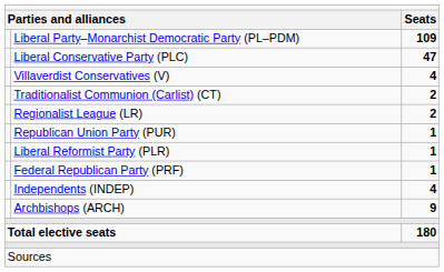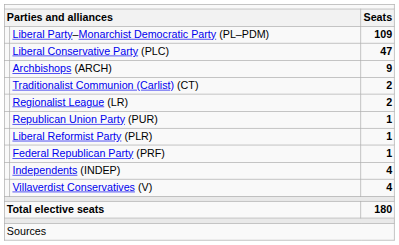 <table class="wikitable" style="text-align:right;">
 <tr>
 <td colspan="3"></td>
 </tr>
 <tr>
 <th style="text-align:left;" colspan="2" width="525">Parties and alliances</th>
 <th width="35">Seats</th>
 </tr>
 <tr>
 <td width="1" style="color:inherit;background:"></td>
 <td align="left"><a href='#'>Liberal Party</a>–<a href='#'>Monarchist Democratic Party</a> (PL–PDM)</td>
 <td><strong>109</strong></td>
 </tr>
 <tr>
 <td style="color:inherit;background:"></td>
 <td align="left"><a href='#'>Liberal Conservative Party</a> (PLC)</td>
 <td><strong>47</strong></td>
 </tr>
 <tr>
 <td style="color:inherit;background:"></td>
-<td align="left"><a href='#'>Villaverdist Conservatives</a> (V)</td>
-<td><strong>4</strong></td>
+<td align="left"><a href='#'>Archbishops</a> (ARCH)</td>
+<td><strong>9</strong></td>
 </tr>
 <tr>
 <td style="color:inherit;background:"></td>
 <td align="left"><a href='#'>Traditionalist Communion (Carlist)</a> (CT)</td>
 <td><strong>2</strong></td>
 </tr>
 <tr>
 <td style="color:inherit;background:"></td>
 <td align="left"><a href='#'>Regionalist League</a> (LR)</td>
 <td><strong>2</strong></td>
 </tr>
 <tr>
 <td style="color:inherit;background:"></td>
 <td align="left"><a href='#'>Republican Union Party</a> (PUR)</td>
 <td><strong>1</strong></td>
 </tr>
 <tr>
 <td style="color:inherit;background:"></td>
 <td align="left"><a href='#'>Liberal Reformist Party</a> (PLR)</td>
 <td><strong>1</strong></td>
 </tr>
 <tr>
 <td style="color:inherit;background:"></td>
 <td align="left"><a href='#'>Federal Republican Party</a> (PRF)</td>
 <td><strong>1</strong></td>
 </tr>
 <tr>
 <td style="color:inherit;background:"></td>
 <td align="left"><a href='#'>Independents</a> (INDEP)</td>
 <td><strong>4</strong></td>
 </tr>
 <tr>
 <td style="color:inherit;background:"></td>
-<td align="left"><a href='#'>Archbishops</a> (ARCH)</td>
-<td><strong>9</strong></td>
+<td align="left"><a href='#'>Villaverdist Conservatives</a> (V)</td>
+<td><strong>4</strong></td>
 </tr>
 <tr>
 <td colspan="3" bgcolor="#E9E9E9"></td>
 </tr>
 <tr style="font-weight:bold;">
 <td align="left" colspan="2">Total elective seats</td>
 <td>180</td>
 </tr>
 <tr>
 <td colspan="3" bgcolor="#E9E9E9"></td>
 </tr>
 <tr>
 <td align="left" colspan="3">Sources</td>
 </tr>
 </table>
